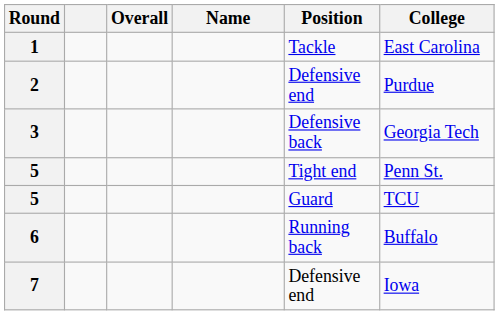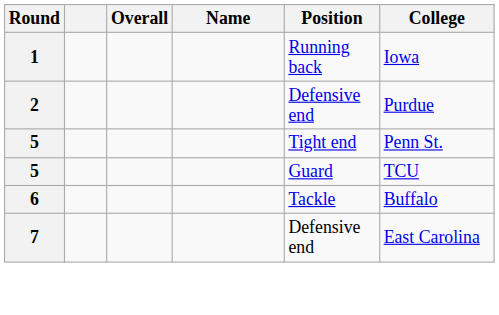 <table class="wikitable sortable" style="width: 50%;">
 <tr>
 <th scope="col" style="width: 10%;">Round</th>
 <th scope="col" style="width: 10%;"></th>
 <th scope="col" style="width: 10%;">Overall</th>
 <th scope="col" style="width: 25%;">Name</th>
 <th scope="col" style="width: 20%;">Position</th>
 <th scope="col" style="width: 25%;">College</th>
 </tr>
 <tr>
 <th scope="row">1</th>
 <td></td>
 <td></td>
 <td></td>
-<td><a href='#'>Tackle</a></td>
-<td><a href='#'>East Carolina</a></td>
+<td><a href='#'>Running back</a></td>
+<td><a href='#'>Iowa</a></td>
 </tr>
 <tr>
 <th scope="row">2</th>
 <td></td>
 <td></td>
 <td></td>
 <td><a href='#'>Defensive end</a></td>
 <td><a href='#'>Purdue</a></td>
-</tr>
-<tr>
-<th scope="row">3</th>
-<td></td>
-<td></td>
-<td></td>
-<td><a href='#'>Defensive back</a></td>
-<td><a href='#'>Georgia Tech</a></td>
 </tr>
 <tr>
 <th scope="row">5</th>
 <td></td>
 <td></td>
 <td></td>
 <td><a href='#'>Tight end</a></td>
 <td><a href='#'>Penn St.</a></td>
 </tr>
 <tr>
 <th scope="row">5</th>
 <td></td>
 <td></td>
 <td></td>
 <td><a href='#'>Guard</a></td>
 <td><a href='#'>TCU</a></td>
 </tr>
 <tr>
 <th scope="row">6</th>
 <td></td>
 <td></td>
 <td></td>
-<td><a href='#'>Running back</a></td>
+<td><a href='#'>Tackle</a></td>
 <td><a href='#'>Buffalo</a></td>
 </tr>
 <tr>
 <th scope="row">7</th>
 <td></td>
 <td></td>
 <td></td>
 <td>Defensive end</td>
-<td><a href='#'>Iowa</a></td>
+<td><a href='#'>East Carolina</a></td>
 </tr>
 </table>
